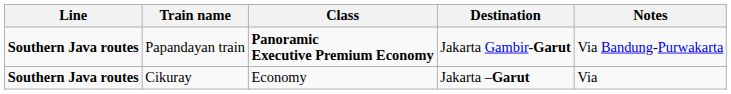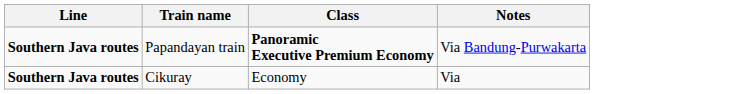 <table class="wikitable sortable">
 <tr>
 <th>Line</th>
 <th>Train name</th>
 <th>Class</th>
-<th>Destination</th>
 <th>Notes</th>
 </tr>
 <tr>
 <td><strong>Southern Java routes</strong></td>
 <td>Papandayan train</td>
 <td><strong>Panoramic<br>Executive Premium Economy</strong></td>
-<td>Jakarta <a href='#'>Gambir</a>-<strong>Garut</strong></td>
 <td>Via <a href='#'>Bandung</a>-<a href='#'>Purwakarta</a></td>
 </tr>
 <tr>
 <td><strong>Southern Java routes</strong></td>
 <td>Cikuray</td>
 <td>Economy</td>
-<td>Jakarta –<strong>Garut</strong></td>
 <td>Via </td>
 </tr>
 </table>
